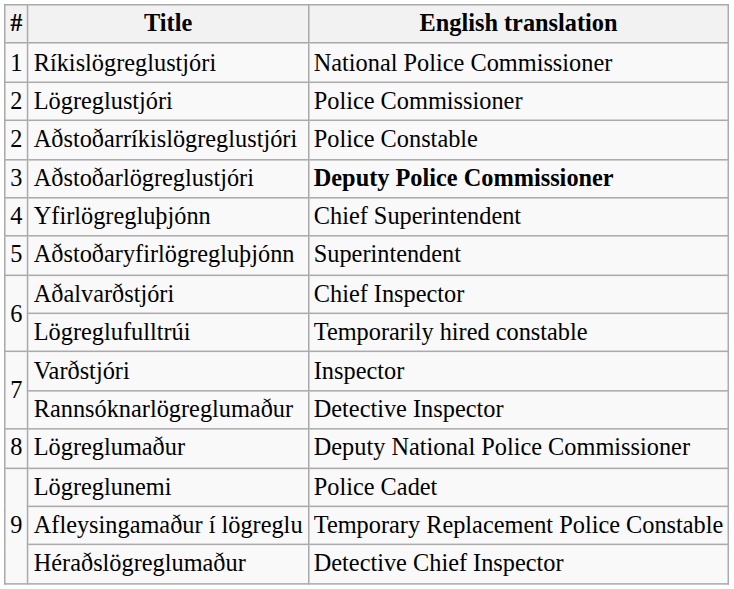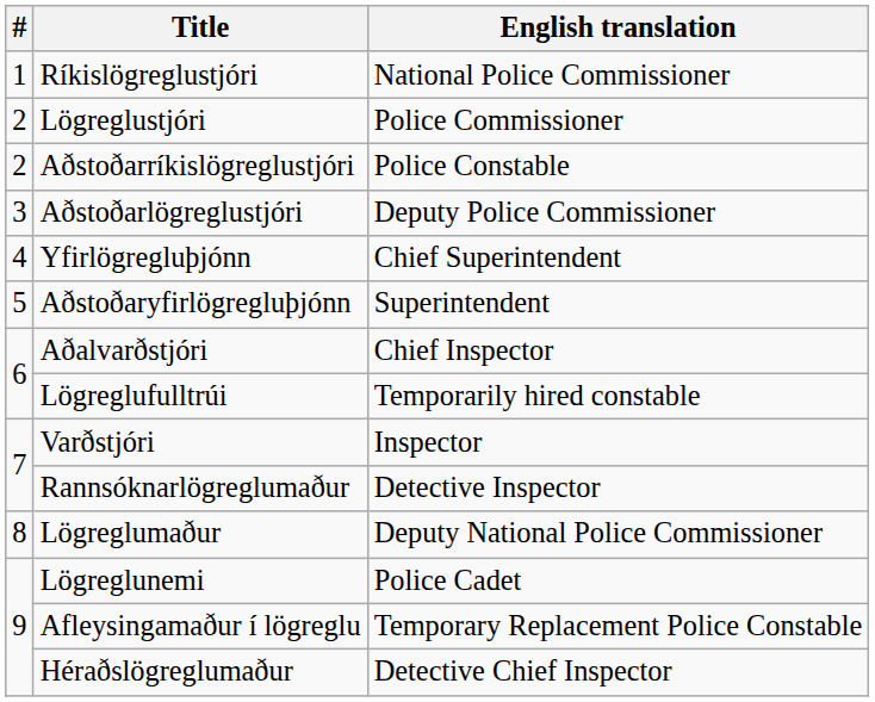 <table class="wikitable">
 <tr>
 <th>#</th>
 <th>Title</th>
 <th>English translation</th>
 </tr>
 <tr>
 <td style="text-align: right;">1</td>
 <td>Ríkislögreglustjóri</td>
 <td>National Police Commissioner</td>
 </tr>
 <tr>
 <td style="text-align: right;">2</td>
 <td>Lögreglustjóri</td>
 <td>Police Commissioner</td>
 </tr>
 <tr>
 <td style="text-align: right;">2</td>
 <td>Aðstoðarríkislögreglustjóri</td>
 <td>Police Constable</td>
 </tr>
 <tr>
 <td style="text-align: right;">3</td>
 <td>Aðstoðarlögreglustjóri</td>
-<td><strong>Deputy Police Commissioner</strong></td>
+<td>Deputy Police Commissioner</td>
 </tr>
 <tr>
 <td style="text-align: right;">4</td>
 <td>Yfirlögregluþjónn</td>
 <td>Chief Superintendent</td>
 </tr>
 <tr>
 <td style="text-align: right;">5</td>
 <td>Aðstoðaryfirlögregluþjónn</td>
 <td>Superintendent</td>
 </tr>
 <tr>
 <td rowspan="2" style="text-align: right;">6</td>
 <td>Aðalvarðstjóri</td>
 <td>Chief Inspector</td>
 </tr>
 <tr>
 <td>Lögreglufulltrúi</td>
 <td>Temporarily hired constable</td>
 </tr>
 <tr>
 <td rowspan="2" style="text-align: right;">7</td>
 <td>Varðstjóri</td>
 <td>Inspector</td>
 </tr>
 <tr>
 <td>Rannsóknarlögreglumaður</td>
 <td>Detective Inspector</td>
 </tr>
 <tr>
 <td style="text-align: right;">8</td>
 <td>Lögreglumaður</td>
 <td>Deputy National Police Commissioner</td>
 </tr>
 <tr>
 <td rowspan="3" style="text-align: right;">9</td>
 <td>Lögreglunemi</td>
 <td>Police Cadet</td>
 </tr>
 <tr>
 <td>Afleysingamaður í lögreglu</td>
 <td>Temporary Replacement Police Constable</td>
 </tr>
 <tr>
 <td>Héraðslögreglumaður</td>
 <td>Detective Chief Inspector</td>
 </tr>
 </table>
